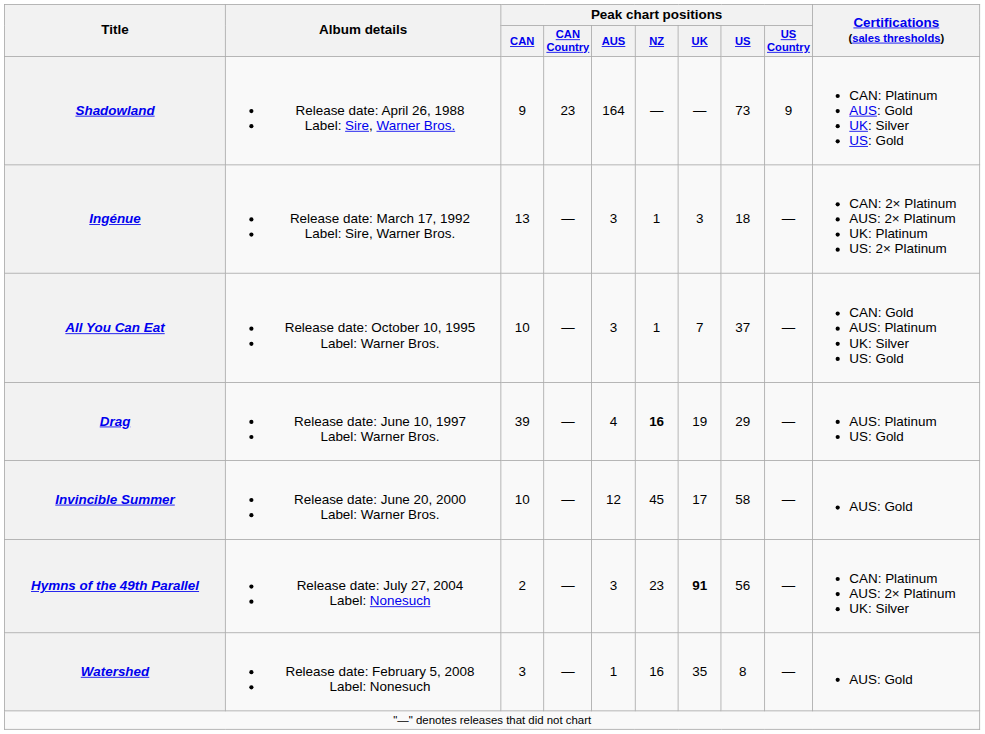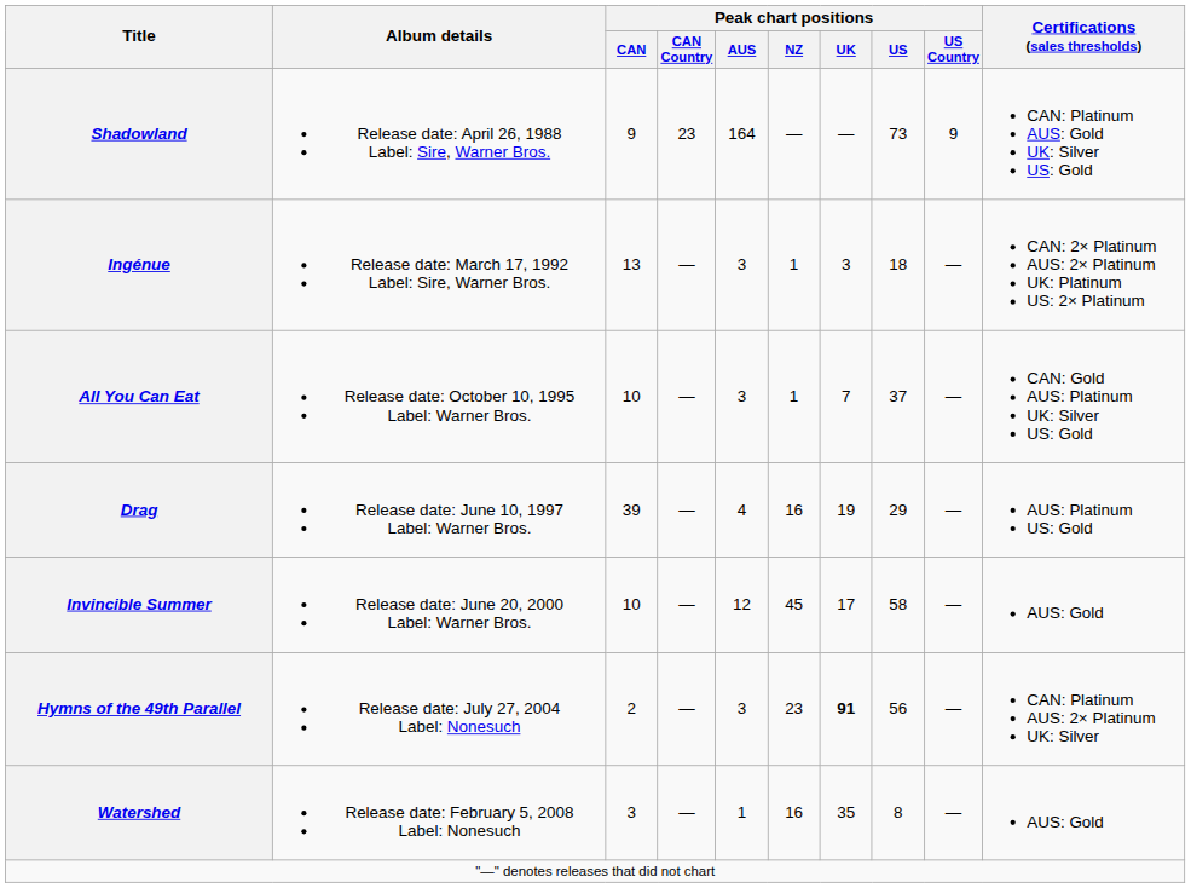 <table class="wikitable plainrowheaders" style="text-align:center;">
 <tr>
 <th rowspan="2" style="width:16em;">Title</th>
 <th rowspan="2" style="width:20em;">Album details</th>
 <th colspan="7">Peak chart positions</th>
 <th rowspan="2" style="width:12em;"><a href='#'>Certifications</a><br><small>(<a href='#'>sales thresholds</a>)</small></th>
 </tr>
 <tr style="font-size:smaller;">
 <th width="45"><a href='#'>CAN</a></th>
 <th width="45"><a href='#'>CAN Country</a></th>
 <th width="45"><a href='#'>AUS</a><br></th>
 <th width="45"><a href='#'>NZ</a><br></th>
 <th width="45"><a href='#'>UK</a><br></th>
 <th width="45"><a href='#'>US</a><br></th>
 <th width="45"><a href='#'>US Country</a><br></th>
 </tr>
 <tr>
 <th scope="row"><em><a href='#'>Shadowland</a></em></th>
 <td><br><ul><li>Release date: April 26, 1988</li><li>Label: <a href='#'>Sire</a>, <a href='#'>Warner Bros.</a></li></ul></td>
 <td>9</td>
 <td>23</td>
 <td>164</td>
 <td>—</td>
 <td>—</td>
 <td>73</td>
 <td>9</td>
 <td align="left"><br><ul><li>CAN: Platinum</li><li><a href='#'>AUS</a>: Gold</li><li><a href='#'>UK</a>: Silver</li><li><a href='#'>US</a>: Gold</li></ul></td>
 </tr>
 <tr>
 <th scope="row"><em><a href='#'>Ingénue</a></em></th>
 <td><br><ul><li>Release date: March 17, 1992</li><li>Label: Sire, Warner Bros.</li></ul></td>
 <td>13</td>
 <td>—</td>
 <td>3</td>
 <td>1</td>
 <td>3</td>
 <td>18</td>
 <td>—</td>
 <td align="left"><br><ul><li>CAN: 2× Platinum</li><li>AUS: 2× Platinum</li><li>UK: Platinum</li><li>US: 2× Platinum</li></ul></td>
 </tr>
 <tr>
 <th scope="row"><em><a href='#'>All You Can Eat</a></em></th>
 <td><br><ul><li>Release date: October 10, 1995</li><li>Label: Warner Bros.</li></ul></td>
 <td>10</td>
 <td>—</td>
 <td>3</td>
 <td>1</td>
 <td>7</td>
 <td>37</td>
 <td>—</td>
 <td align="left"><br><ul><li>CAN: Gold</li><li>AUS: Platinum</li><li>UK: Silver</li><li>US: Gold</li></ul></td>
 </tr>
 <tr>
 <th scope="row"><em><a href='#'>Drag</a></em></th>
 <td><br><ul><li>Release date: June 10, 1997</li><li>Label: Warner Bros.</li></ul></td>
 <td>39</td>
 <td>—</td>
 <td>4</td>
-<td><strong>16</strong></td>
+<td>16</td>
 <td>19</td>
 <td>29</td>
 <td>—</td>
 <td align="left"><br><ul><li>AUS: Platinum</li><li>US: Gold</li></ul></td>
 </tr>
 <tr>
 <th scope="row"><em><a href='#'>Invincible Summer</a></em></th>
 <td><br><ul><li>Release date: June 20, 2000</li><li>Label: Warner Bros.</li></ul></td>
 <td>10</td>
 <td>—</td>
 <td>12</td>
 <td>45</td>
 <td>17</td>
 <td>58</td>
 <td>—</td>
 <td align="left"><br><ul><li>AUS: Gold</li></ul></td>
 </tr>
 <tr>
 <th scope="row"><em><a href='#'>Hymns of the 49th Parallel</a></em></th>
 <td><br><ul><li>Release date: July 27, 2004</li><li>Label: <a href='#'>Nonesuch</a></li></ul></td>
 <td>2</td>
 <td>—</td>
 <td>3</td>
 <td>23</td>
 <td><strong>91</strong></td>
 <td>56</td>
 <td>—</td>
 <td align="left"><br><ul><li>CAN: Platinum</li><li>AUS: 2× Platinum</li><li>UK: Silver</li></ul></td>
 </tr>
 <tr>
 <th scope="row"><em><a href='#'>Watershed</a></em></th>
 <td><br><ul><li>Release date: February 5, 2008</li><li>Label: Nonesuch</li></ul></td>
 <td>3</td>
 <td>—</td>
 <td>1</td>
 <td>16</td>
 <td>35</td>
 <td>8</td>
 <td>—</td>
 <td align="left"><br><ul><li>AUS: Gold</li></ul></td>
 </tr>
 <tr>
 <td colspan="10" style="font-size:85%">"—" denotes releases that did not chart</td>
 </tr>
 </table>
